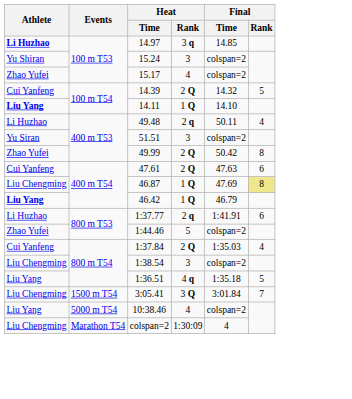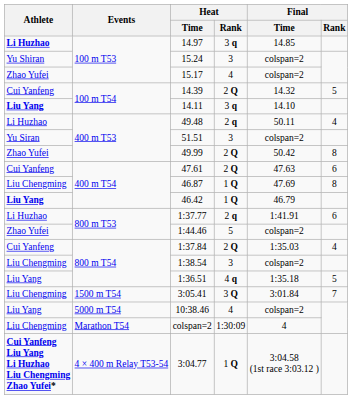 <table class=wikitable style="text-align: center; font-size:90%">
 <tr>
 <th rowspan="2">Athlete</th>
 <th rowspan="2">Events</th>
 <th colspan="2">Heat</th>
 <th colspan="2">Final</th>
 </tr>
 <tr>
 <th>Time</th>
 <th>Rank</th>
 <th>Time</th>
 <th>Rank</th>
 </tr>
 <tr>
 <td align=left><strong><a href='#'>Li Huzhao</a></strong></td>
 <td align=left rowspan=3><a href='#'>100 m T53</a></td>
 <td>14.97</td>
 <td>3 <strong>q</strong></td>
 <td>14.85</td>
 <td></td>
 </tr>
 <tr>
 <td align=left><a href='#'>Yu Shiran</a></td>
 <td>15.24</td>
 <td>3</td>
 <td>colspan=2 </td>
 </tr>
 <tr>
 <td align=left><a href='#'>Zhao Yufei</a></td>
 <td>15.17</td>
 <td>4</td>
 <td>colspan=2 </td>
 </tr>
 <tr>
 <td align=left><a href='#'>Cui Yanfeng</a></td>
 <td align=left rowspan=2><a href='#'>100 m T54</a></td>
 <td>14.39</td>
 <td>2 <strong>Q</strong></td>
 <td>14.32</td>
 <td>5</td>
 </tr>
 <tr>
 <td align=left><strong><a href='#'>Liu Yang</a></strong></td>
 <td>14.11</td>
-<td>1 <strong>Q</strong></td>
+<td>3 <strong>q</strong></td>
 <td>14.10</td>
 <td></td>
 </tr>
 <tr>
 <td align=left><a href='#'>Li Huzhao</a></td>
 <td align=left rowspan=3><a href='#'>400 m T53</a></td>
 <td>49.48</td>
 <td>2 <strong>q</strong></td>
 <td>50.11</td>
 <td>4</td>
 </tr>
 <tr>
 <td align=left><a href='#'>Yu Siran</a></td>
 <td>51.51</td>
 <td>3</td>
 <td>colspan=2 </td>
 </tr>
 <tr>
 <td align=left><a href='#'>Zhao Yufei</a></td>
 <td>49.99</td>
 <td>2 <strong>Q</strong></td>
 <td>50.42</td>
 <td>8</td>
 </tr>
 <tr>
 <td align=left><a href='#'>Cui Yanfeng</a></td>
 <td align=left rowspan=3><a href='#'>400 m T54</a></td>
 <td>47.61</td>
 <td>2 <strong>Q</strong></td>
 <td>47.63</td>
 <td>6</td>
 </tr>
 <tr>
 <td align=left><a href='#'>Liu Chengming</a></td>
 <td>46.87</td>
 <td>1 <strong>Q</strong></td>
 <td>47.69</td>
-<td style="background: khaki;">8</td>
+<td>8</td>
 </tr>
 <tr>
 <td align=left><strong><a href='#'>Liu Yang</a></strong></td>
 <td>46.42</td>
 <td>1 <strong>Q</strong></td>
 <td>46.79</td>
 <td></td>
 </tr>
 <tr>
 <td align=left><a href='#'>Li Huzhao</a></td>
 <td align=left rowspan=2><a href='#'>800 m T53</a></td>
 <td>1:37.77</td>
 <td>2 <strong>q</strong></td>
 <td>1:41.91</td>
 <td>6</td>
 </tr>
 <tr>
 <td align=left><a href='#'>Zhao Yufei</a></td>
 <td>1:44.46</td>
 <td>5</td>
 <td>colspan=2 </td>
 </tr>
 <tr>
 <td align=left><a href='#'>Cui Yanfeng</a></td>
 <td align=left rowspan=3><a href='#'>800 m T54</a></td>
 <td>1:37.84</td>
 <td>2 <strong>Q</strong></td>
 <td>1:35.03</td>
 <td>4</td>
 </tr>
 <tr>
 <td align=left><a href='#'>Liu Chengming</a></td>
 <td>1:38.54</td>
 <td>3</td>
 <td>colspan=2 </td>
 </tr>
 <tr>
 <td align=left><a href='#'>Liu Yang</a></td>
 <td>1:36.51</td>
 <td>4 <strong>q</strong></td>
 <td>1:35.18</td>
 <td>5</td>
 </tr>
 <tr>
 <td align=left><a href='#'>Liu Chengming</a></td>
 <td align=left><a href='#'>1500 m T54</a></td>
 <td>3:05.41</td>
 <td>3 <strong>Q</strong></td>
 <td>3:01.84</td>
 <td>7</td>
 </tr>
 <tr>
 <td align=left><a href='#'>Liu Yang</a></td>
 <td align=left><a href='#'>5000 m T54</a></td>
 <td>10:38.46</td>
 <td>4</td>
 <td>colspan=2 </td>
 </tr>
 <tr>
 <td align=left><a href='#'>Liu Chengming</a></td>
 <td align=left><a href='#'>Marathon T54</a></td>
 <td>colspan=2 </td>
 <td>1:30:09</td>
 <td>4</td>
 </tr>
+<tr>
+<td align=left><strong><a href='#'>Cui Yanfeng</a><br><a href='#'>Liu Yang</a><br><a href='#'>Li Huzhao</a><br><a href='#'>Liu Chengming</a><br><a href='#'>Zhao Yufei</a>*</strong></td>
+<td align=left><a href='#'>4 × 400 m Relay T53-54</a></td>
+<td>3:04.77 </td>
+<td>1 <strong>Q</strong></td>
+<td>3:04.58<br>(1st race 3:03.12 )</td>
+<td></td>
+</tr>
 </table>
